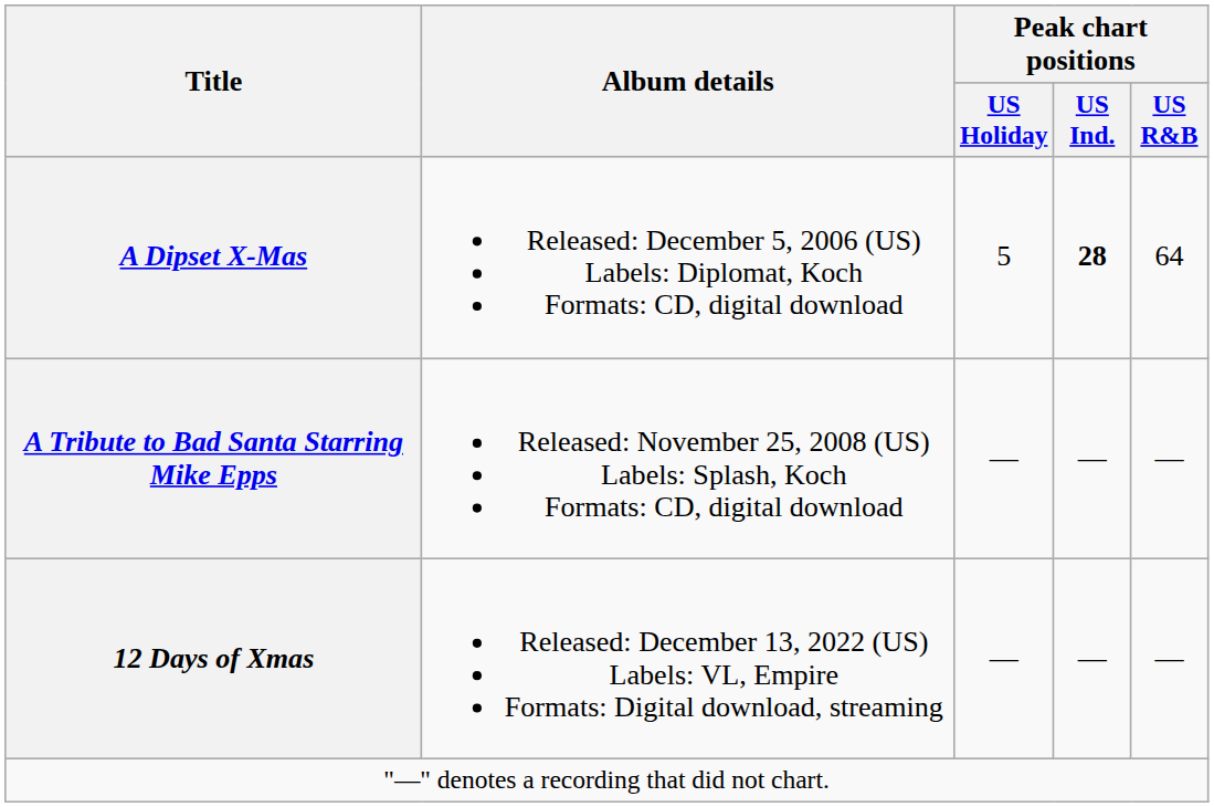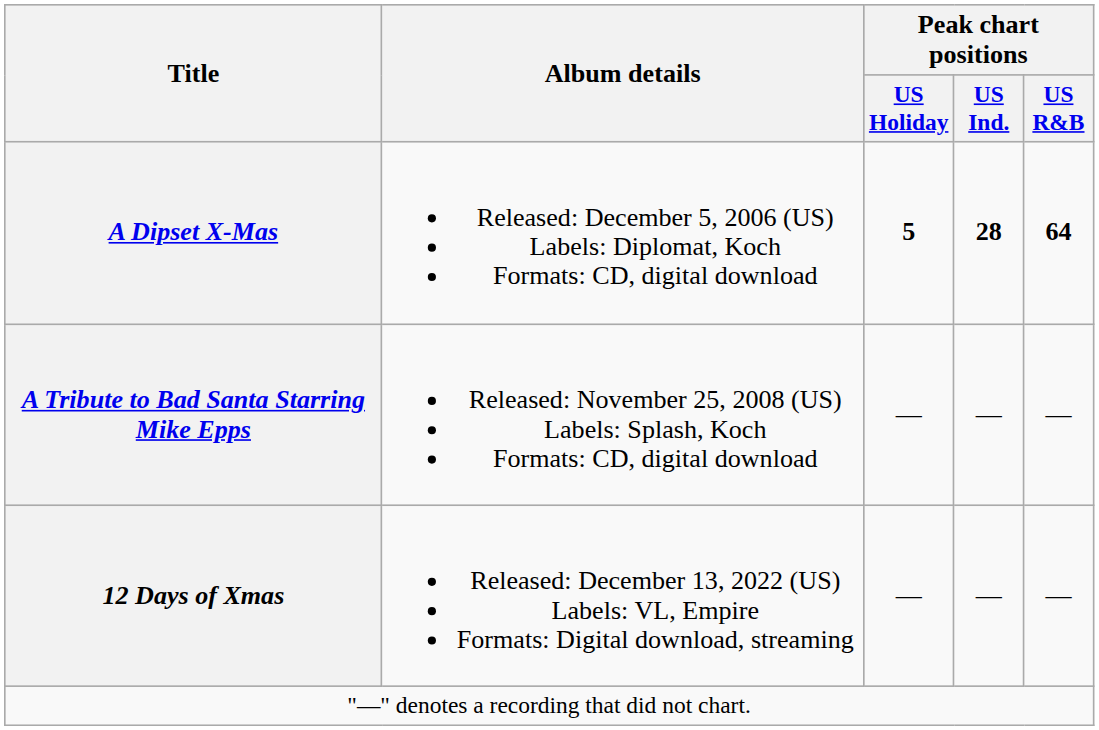 <table class="wikitable plainrowheaders" style="text-align:center;" border="1">
 <tr>
 <th scope="col" rowspan="2" style="width:14em;">Title</th>
 <th scope="col" rowspan="2" style="width:18em;">Album details</th>
 <th scope="col" colspan="3">Peak chart positions</th>
 </tr>
 <tr>
 <th scope="col" style="width:2.5em;font-size:90%;"><a href='#'>US<br>Holiday</a><br></th>
 <th scope="col" style="width:2.5em;font-size:90%;"><a href='#'>US<br>Ind.</a><br></th>
 <th scope="col" style="width:2.5em;font-size:90%;"><a href='#'>US<br>R&B</a><br></th>
 </tr>
 <tr>
 <th scope="row"><em><a href='#'>A Dipset X-Mas</a></em></th>
 <td><br><ul><li>Released: December 5, 2006 <span>(US)</span></li><li>Labels: Diplomat, Koch</li><li>Formats: CD, digital download</li></ul></td>
-<td>5</td>
+<td><strong>5</strong></td>
 <td><strong>28</strong></td>
-<td>64</td>
+<td><strong>64</strong></td>
 </tr>
 <tr>
 <th scope="row"><em><a href='#'>A Tribute to Bad Santa Starring Mike Epps</a></em></th>
 <td><br><ul><li>Released: November 25, 2008 <span>(US)</span></li><li>Labels: Splash, Koch</li><li>Formats: CD, digital download</li></ul></td>
 <td>—</td>
 <td>—</td>
 <td>—</td>
 </tr>
 <tr>
 <th scope="row"><em>12 Days of Xmas</em></th>
 <td><br><ul><li>Released: December 13, 2022 <span>(US)</span></li><li>Labels: VL, Empire</li><li>Formats: Digital download, streaming</li></ul></td>
 <td>—</td>
 <td>—</td>
 <td>—</td>
 </tr>
 <tr>
 <td colspan="14" style="font-size:90%">"—" denotes a recording that did not chart.</td>
 </tr>
 </table>
